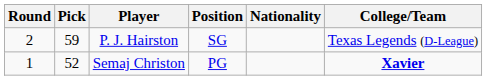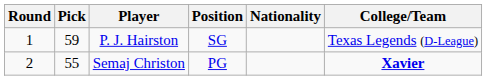 <table class="wikitable sortable">
 <tr>
 <th>Round</th>
 <th>Pick</th>
 <th>Player</th>
 <th>Position</th>
 <th>Nationality</th>
 <th>College/Team</th>
 </tr>
 <tr style="text-align: center">
-<td>2</td>
+<td>1</td>
 <td>59</td>
 <td><a href='#'>P. J. Hairston</a></td>
 <td><a href='#'>SG</a></td>
 <td></td>
 <td><a href='#'>Texas Legends</a> <small>(<a href='#'>D-League</a>)</small></td>
 </tr>
 <tr style="text-align: center">
-<td>1</td>
-<td>52</td>
+<td>2</td>
+<td>55</td>
 <td><a href='#'>Semaj Christon</a></td>
 <td><a href='#'>PG</a></td>
 <td></td>
 <td><strong><a href='#'>Xavier</a></strong></td>
 </tr>
 </table>
